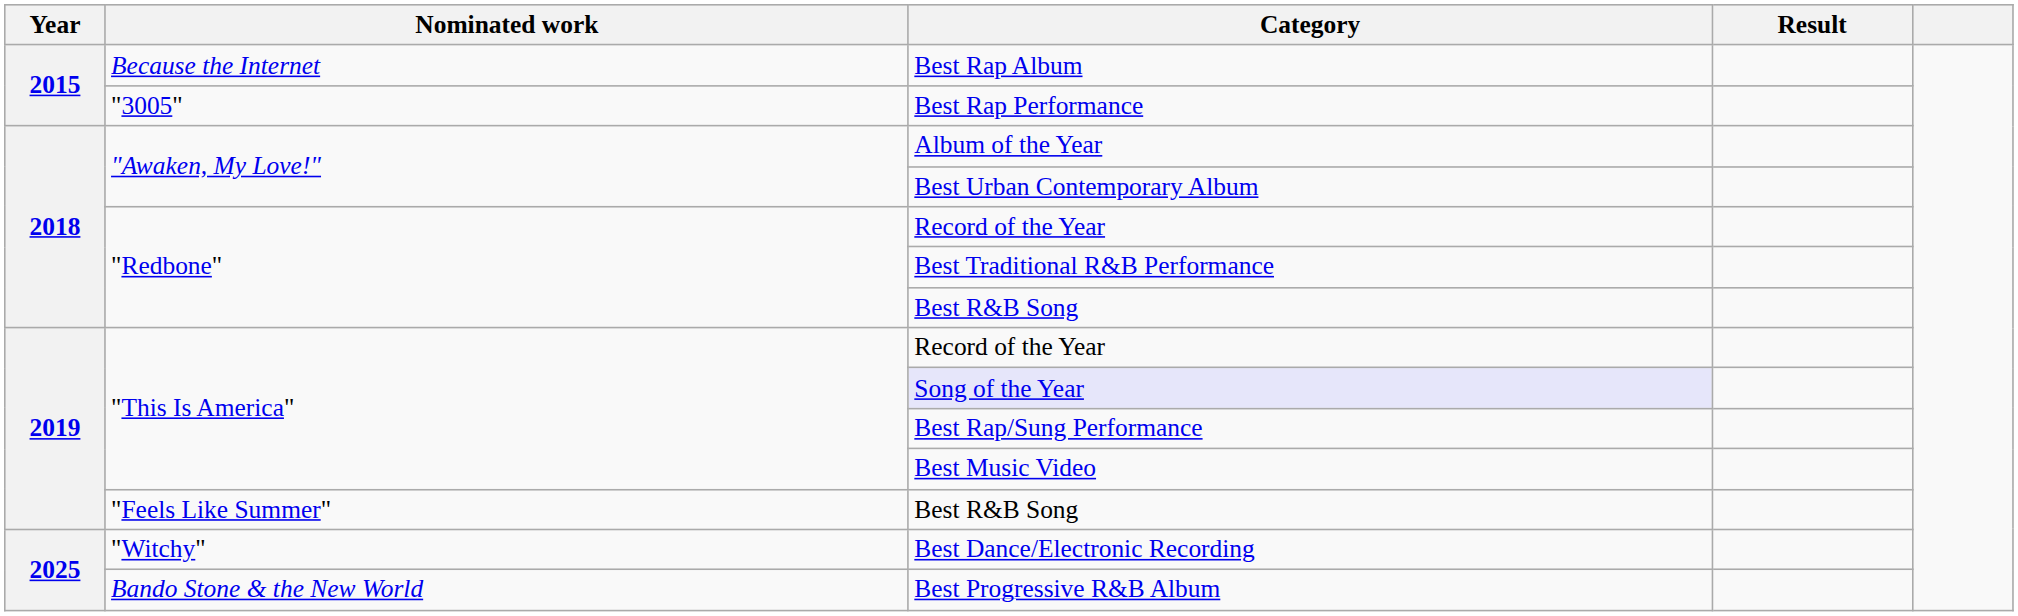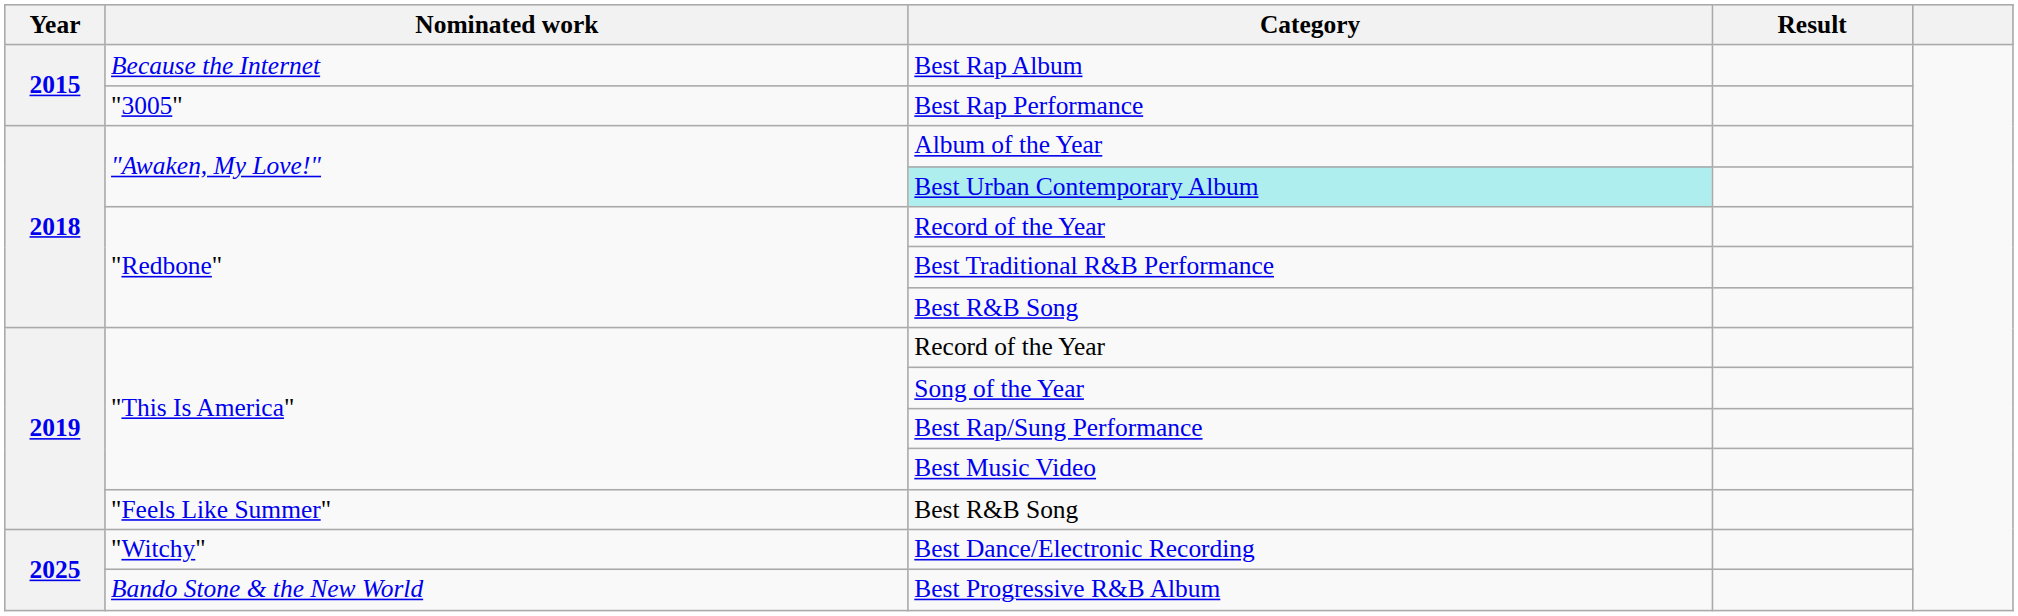 <table class="wikitable plainrowheaders" style="width:100%;">
 <tr>
 <th scope="col" style="width:5%;">Year</th>
 <th scope="col" style="width:40%;">Nominated work</th>
 <th scope="col" style="width:40%;">Category</th>
 <th scope="col" style="width:10%;">Result</th>
 <th scope="col" style="width:5%;"></th>
 </tr>
 <tr>
 <th scope="row" style="text-align:center;" rowspan="2"><a href='#'>2015</a></th>
 <td><em><a href='#'>Because the Internet</a></em></td>
 <td><a href='#'>Best Rap Album</a></td>
 <td></td>
 <td rowspan="14" style="text-align:center;"></td>
 </tr>
 <tr>
 <td>"<a href='#'>3005</a>"</td>
 <td><a href='#'>Best Rap Performance</a></td>
 <td></td>
 </tr>
 <tr>
 <th scope="row" style="text-align:center;" rowspan="5"><a href='#'>2018</a></th>
 <td rowspan="2"><em><a href='#'>"Awaken, My Love!"</a></em></td>
 <td><a href='#'>Album of the Year</a></td>
 <td></td>
 </tr>
 <tr>
-<td><a href='#'>Best Urban Contemporary Album</a></td>
+<td style="background: paleturquoise;"><a href='#'>Best Urban Contemporary Album</a></td>
 <td></td>
 </tr>
 <tr>
 <td rowspan="3">"<a href='#'>Redbone</a>"</td>
 <td><a href='#'>Record of the Year</a></td>
 <td></td>
 </tr>
 <tr>
 <td><a href='#'>Best Traditional R&B Performance</a></td>
 <td></td>
 </tr>
 <tr>
 <td><a href='#'>Best R&B Song</a></td>
 <td></td>
 </tr>
 <tr>
 <th scope="row" style="text-align:center;" rowspan="5"><a href='#'>2019</a></th>
 <td rowspan="4">"<a href='#'>This Is America</a>"</td>
 <td>Record of the Year</td>
 <td></td>
 </tr>
 <tr>
-<td style="background: lavender;"><a href='#'>Song of the Year</a></td>
+<td><a href='#'>Song of the Year</a></td>
 <td></td>
 </tr>
 <tr>
 <td><a href='#'>Best Rap/Sung Performance</a></td>
 <td></td>
 </tr>
 <tr>
 <td><a href='#'>Best Music Video</a></td>
 <td></td>
 </tr>
 <tr>
 <td>"<a href='#'>Feels Like Summer</a>"</td>
 <td>Best R&B Song</td>
 <td></td>
 </tr>
 <tr>
 <th scope="row" style="text-align:center;" rowspan="2"><a href='#'>2025</a></th>
 <td>"<a href='#'>Witchy</a>"</td>
 <td><a href='#'>Best Dance/Electronic Recording</a></td>
 <td></td>
 </tr>
 <tr>
 <td><em><a href='#'>Bando Stone & the New World</a></em></td>
 <td><a href='#'>Best Progressive R&B Album</a></td>
 <td></td>
 </tr>
 </table>
